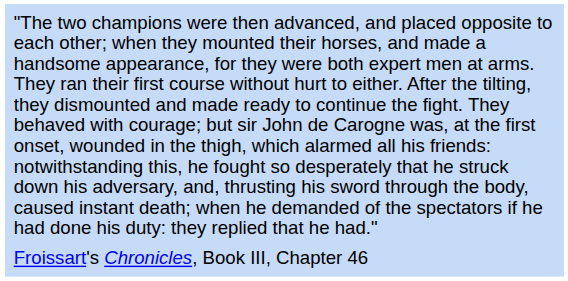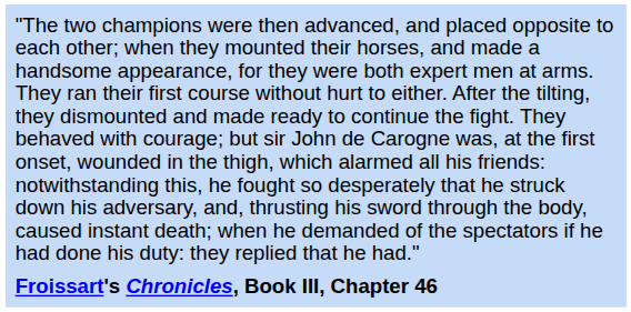 <table class="toccolours" style="float: right; margin-left: 2em; margin-right: 1em; font-size: 85%; background:#c6dbf7; color:black; width:30em; max-width: 40%;" cellspacing="5">
 <tr>
 <td style="text-align: left;">"The two champions were then advanced, and placed opposite to each other; when they mounted their horses, and made a handsome appearance, for they were both expert men at arms. They ran their first course without hurt to either. After the tilting, they dismounted and made ready to continue the fight. They behaved with courage; but sir John de Carogne was, at the first onset, wounded in the thigh, which alarmed all his friends: notwithstanding this, he fought so desperately that he struck down his adversary, and, thrusting his sword through the body, caused instant death; when he demanded of the spectators if he had done his duty: they replied that he had."</td>
 </tr>
 <tr>
-<td style="text-align: left;"><a href='#'>Froissart</a>'s <em><a href='#'>Chronicles</a></em>, Book III, Chapter 46</td>
+<td style="text-align: left;"><strong><a href='#'>Froissart</a>'s <em><a href='#'>Chronicles</a></em>, Book III, Chapter 46</strong></td>
 </tr>
 </table>
